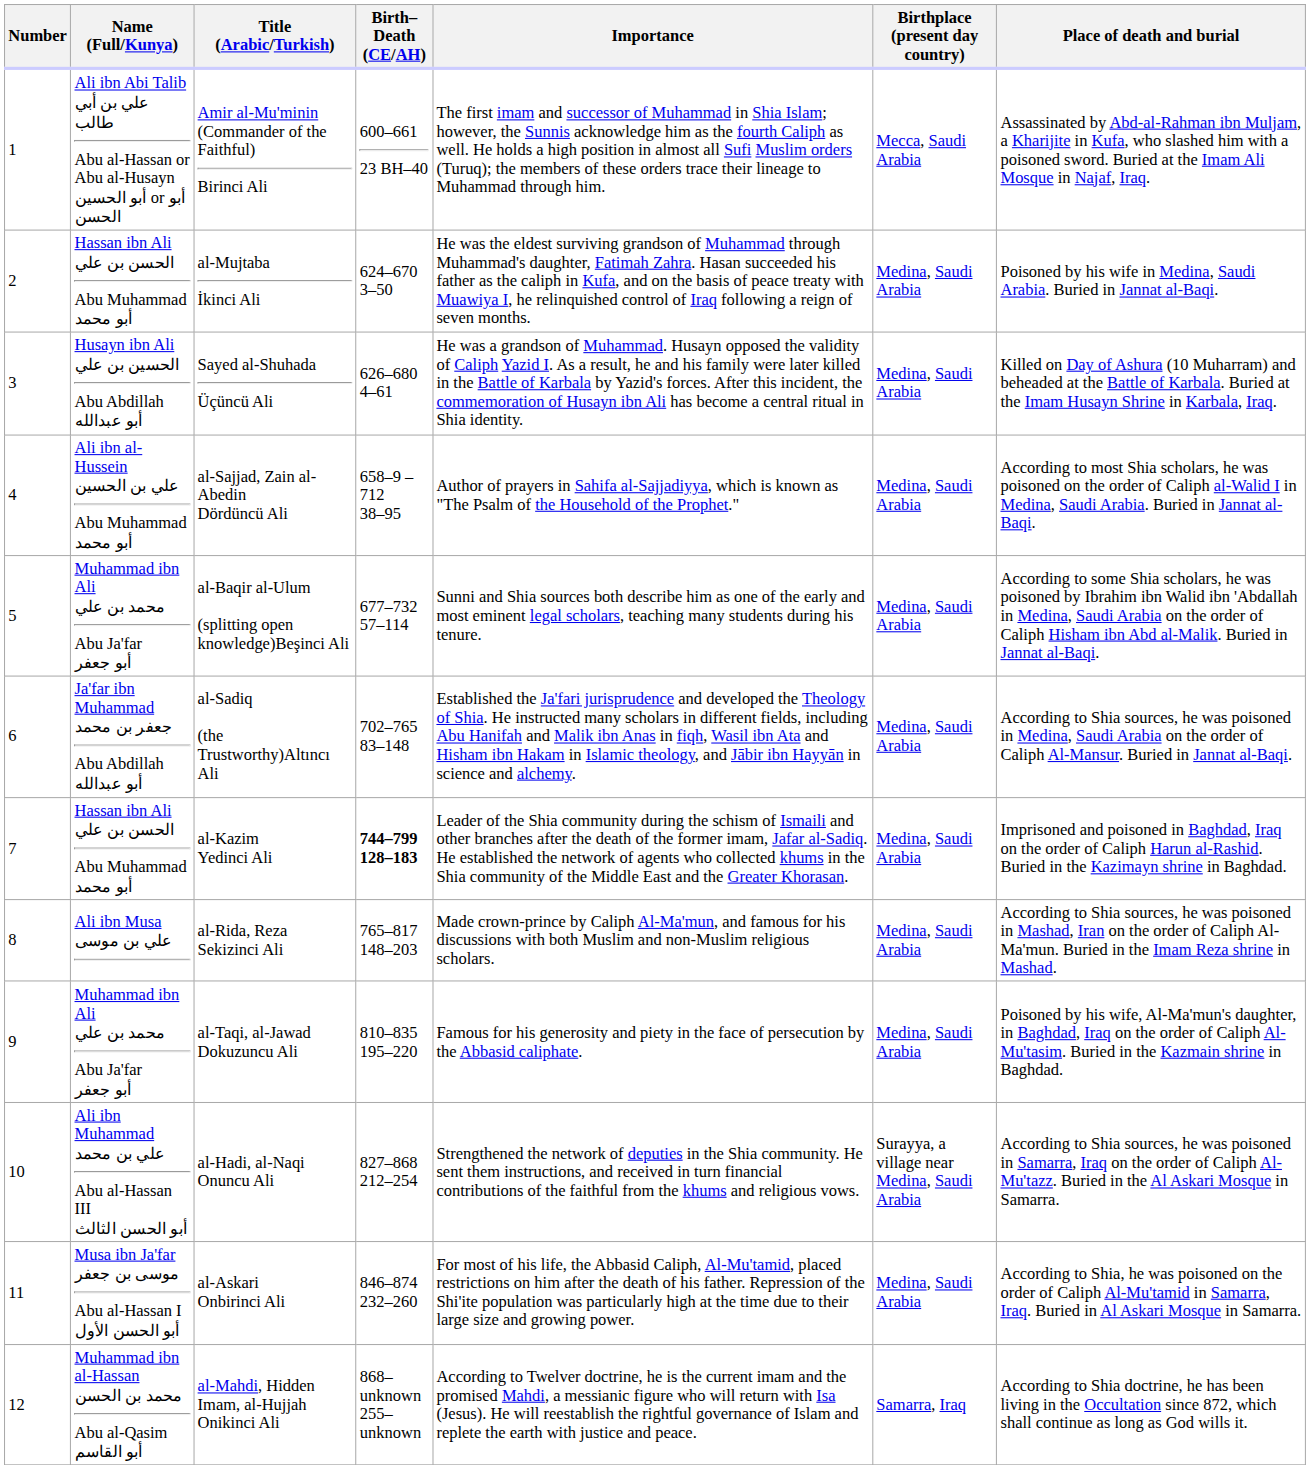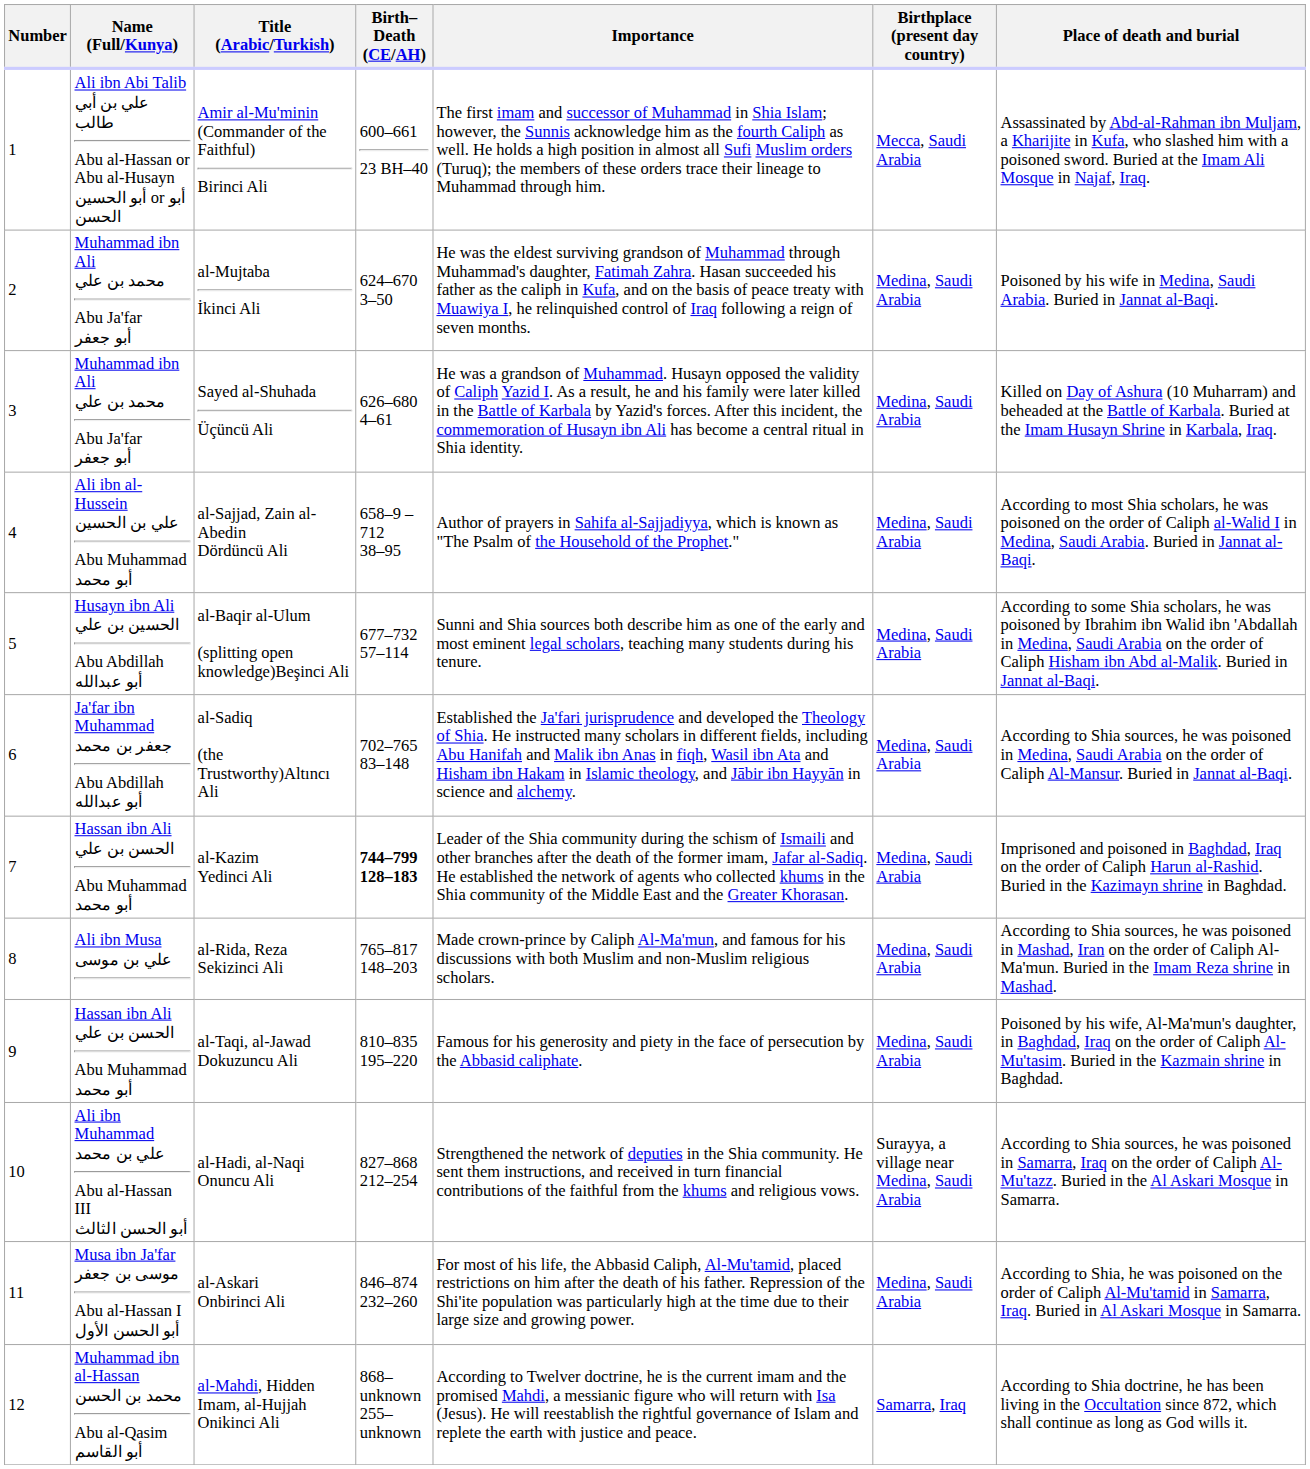 <table class="wikitable" width="100%" style="background:#ffffff;">
 <tr style="border-bottom:3px solid #CCCCFF">
 <th>Number</th>
 <th>Name<br>(Full/<a href='#'>Kunya</a>)</th>
 <th>Title<br>(<a href='#'>Arabic</a>/<a href='#'>Turkish</a>)</th>
 <th>Birth–Death<br>(<a href='#'>CE</a>/<a href='#'>AH</a>)</th>
 <th>Importance</th>
 <th>Birthplace (present day country)</th>
 <th>Place of death and burial</th>
 </tr>
 <tr>
 <td>1</td>
 <td><a href='#'>Ali ibn Abi Talib</a><br>علي بن أبي طالب<hr>Abu al-Hassan or Abu al-Husayn<br> أبو الحسین or أبو الحسن</td>
 <td><a href='#'>Amir al-Mu'minin</a><br>(Commander of the Faithful)<hr>Birinci Ali</td>
 <td>600–661<hr>23 BH–40</td>
 <td>The first <a href='#'>imam</a> and <a href='#'>successor of Muhammad</a> in <a href='#'>Shia Islam</a>; however, the <a href='#'>Sunnis</a> acknowledge him as the <a href='#'>fourth Caliph</a> as well. He holds a high position in almost all <a href='#'>Sufi</a> <a href='#'>Muslim orders</a> (Turuq); the members of these orders trace their lineage to Muhammad through him.</td>
 <td><a href='#'>Mecca</a>, <a href='#'>Saudi Arabia</a></td>
 <td>Assassinated by <a href='#'>Abd-al-Rahman ibn Muljam</a>, a <a href='#'>Kharijite</a> in <a href='#'>Kufa</a>, who slashed him with a poisoned sword. Buried at the <a href='#'>Imam Ali Mosque</a> in <a href='#'>Najaf</a>, <a href='#'>Iraq</a>.</td>
 </tr>
 <tr>
 <td>2</td>
-<td><a href='#'>Hassan ibn Ali</a><br>الحسن بن علي<hr>Abu Muhammad<br>أبو محمد</td>
+<td><a href='#'>Muhammad ibn Ali</a><br>محمد بن علي<hr>Abu Ja'far<br>أبو جعفر</td>
 <td>al-Mujtaba<hr>İkinci Ali</td>
 <td>624–670<br>3–50</td>
 <td>He was the eldest surviving grandson of <a href='#'>Muhammad</a> through Muhammad's daughter, <a href='#'>Fatimah Zahra</a>. Hasan succeeded his father as the caliph in <a href='#'>Kufa</a>, and on the basis of peace treaty with <a href='#'>Muawiya I</a>, he relinquished control of <a href='#'>Iraq</a> following a reign of seven months.</td>
 <td><a href='#'>Medina</a>, <a href='#'>Saudi Arabia</a></td>
 <td>Poisoned by his wife in <a href='#'>Medina</a>, <a href='#'>Saudi Arabia</a>. Buried in <a href='#'>Jannat al-Baqi</a>.</td>
 </tr>
 <tr>
 <td>3</td>
-<td><a href='#'>Husayn ibn Ali</a><br>الحسین بن علي<hr>Abu Abdillah<br>أبو عبدالله</td>
+<td><a href='#'>Muhammad ibn Ali</a><br>محمد بن علي<hr>Abu Ja'far<br>أبو جعفر</td>
 <td>Sayed al-Shuhada<hr>Üçüncü Ali</td>
 <td>626–680<br>4–61</td>
 <td>He was a grandson of <a href='#'>Muhammad</a>. Husayn opposed the validity of <a href='#'>Caliph</a> <a href='#'>Yazid I</a>. As a result, he and his family were later killed in the <a href='#'>Battle of Karbala</a> by Yazid's forces. After this incident, the <a href='#'>commemoration of Husayn ibn Ali</a> has become a central ritual in Shia identity.</td>
 <td><a href='#'>Medina</a>, <a href='#'>Saudi Arabia</a></td>
 <td>Killed on <a href='#'>Day of Ashura</a> (10 Muharram) and beheaded at the <a href='#'>Battle of Karbala</a>. Buried at the <a href='#'>Imam Husayn Shrine</a> in <a href='#'>Karbala</a>, <a href='#'>Iraq</a>.</td>
 </tr>
 <tr>
 <td>4</td>
 <td><a href='#'>Ali ibn al-Hussein</a><br>علي بن الحسین<hr>Abu Muhammad<br>أبو محمد</td>
 <td>al-Sajjad, Zain al-Abedin<br>Dördüncü Ali</td>
 <td>658–9 – 712<br>38–95</td>
 <td>Author of prayers in <a href='#'>Sahifa al-Sajjadiyya</a>, which is known as "The Psalm of <a href='#'>the Household of the Prophet</a>."</td>
 <td><a href='#'>Medina</a>, <a href='#'>Saudi Arabia</a></td>
 <td>According to most Shia scholars, he was poisoned on the order of Caliph <a href='#'>al-Walid I</a> in <a href='#'>Medina</a>, <a href='#'>Saudi Arabia</a>. Buried in <a href='#'>Jannat al-Baqi</a>.</td>
 </tr>
 <tr>
 <td>5</td>
-<td><a href='#'>Muhammad ibn Ali</a><br>محمد بن علي<hr>Abu Ja'far<br>أبو جعفر</td>
+<td><a href='#'>Husayn ibn Ali</a><br>الحسین بن علي<hr>Abu Abdillah<br>أبو عبدالله</td>
 <td>al-Baqir al-Ulum<br><br>(splitting open knowledge)Beşinci Ali</td>
 <td>677–732<br>57–114</td>
 <td>Sunni and Shia sources both describe him as one of the early and most eminent <a href='#'>legal scholars</a>, teaching many students during his tenure.</td>
 <td><a href='#'>Medina</a>, <a href='#'>Saudi Arabia</a></td>
 <td>According to some Shia scholars, he was poisoned by Ibrahim ibn Walid ibn 'Abdallah in <a href='#'>Medina</a>, <a href='#'>Saudi Arabia</a> on the order of Caliph <a href='#'>Hisham ibn Abd al-Malik</a>. Buried in <a href='#'>Jannat al-Baqi</a>.</td>
 </tr>
 <tr>
 <td>6</td>
 <td><a href='#'>Ja'far ibn Muhammad</a><br>جعفر بن محمد<hr>Abu Abdillah<br>أبو عبدالله</td>
 <td>al-Sadiq<br><br>(the Trustworthy)Altıncı Ali</td>
 <td>702–765<br>83–148</td>
 <td>Established the <a href='#'>Ja'fari jurisprudence</a> and developed the <a href='#'>Theology of Shia</a>. He instructed many scholars in different fields, including <a href='#'>Abu Hanifah</a> and <a href='#'>Malik ibn Anas</a> in <a href='#'>fiqh</a>, <a href='#'>Wasil ibn Ata</a> and <a href='#'>Hisham ibn Hakam</a> in <a href='#'>Islamic theology</a>, and <a href='#'>Jābir ibn Hayyān</a> in science and <a href='#'>alchemy</a>.</td>
 <td><a href='#'>Medina</a>, <a href='#'>Saudi Arabia</a></td>
 <td>According to Shia sources, he was poisoned in <a href='#'>Medina</a>, <a href='#'>Saudi Arabia</a> on the order of Caliph <a href='#'>Al-Mansur</a>. Buried in <a href='#'>Jannat al-Baqi</a>.</td>
 </tr>
 <tr>
 <td>7</td>
 <td><a href='#'>Hassan ibn Ali</a><br>الحسن بن علي<hr>Abu Muhammad<br>أبو محمد</td>
 <td>al-Kazim<br>Yedinci Ali</td>
 <td><strong>744–799<br>128–183</strong></td>
 <td>Leader of the Shia community during the schism of <a href='#'>Ismaili</a> and other branches after the death of the former imam, <a href='#'>Jafar al-Sadiq</a>. He established the network of agents who collected <a href='#'>khums</a> in the Shia community of the Middle East and the <a href='#'>Greater Khorasan</a>.</td>
 <td><a href='#'>Medina</a>, <a href='#'>Saudi Arabia</a></td>
 <td>Imprisoned and poisoned in <a href='#'>Baghdad</a>, <a href='#'>Iraq</a> on the order of Caliph <a href='#'>Harun al-Rashid</a>. Buried in the <a href='#'>Kazimayn shrine</a> in Baghdad.</td>
 </tr>
 <tr>
 <td>8</td>
 <td><a href='#'>Ali ibn Musa</a><br>علي بن موسی<hr></td>
 <td>al-Rida, Reza<br>Sekizinci Ali</td>
 <td>765–817<br>148–203</td>
 <td>Made crown-prince by Caliph <a href='#'>Al-Ma'mun</a>, and famous for his discussions with both Muslim and non-Muslim religious scholars.</td>
 <td><a href='#'>Medina</a>, <a href='#'>Saudi Arabia</a></td>
 <td>According to Shia sources, he was poisoned in <a href='#'>Mashad</a>, <a href='#'>Iran</a> on the order of Caliph Al-Ma'mun. Buried in the <a href='#'>Imam Reza shrine</a> in <a href='#'>Mashad</a>.</td>
 </tr>
 <tr>
 <td>9</td>
-<td><a href='#'>Muhammad ibn Ali</a><br>محمد بن علي<hr>Abu Ja'far<br>أبو جعفر</td>
+<td><a href='#'>Hassan ibn Ali</a><br>الحسن بن علي<hr>Abu Muhammad<br>أبو محمد</td>
 <td>al-Taqi, al-Jawad<br>Dokuzuncu Ali</td>
 <td>810–835<br>195–220</td>
 <td>Famous for his generosity and piety in the face of persecution by the <a href='#'>Abbasid caliphate</a>.</td>
 <td><a href='#'>Medina</a>, <a href='#'>Saudi Arabia</a></td>
 <td>Poisoned by his wife, Al-Ma'mun's daughter, in <a href='#'>Baghdad</a>, <a href='#'>Iraq</a> on the order of Caliph <a href='#'>Al-Mu'tasim</a>. Buried in the <a href='#'>Kazmain shrine</a> in Baghdad.</td>
 </tr>
 <tr>
 <td>10</td>
 <td><a href='#'>Ali ibn Muhammad</a><br>علي بن محمد<hr>Abu al-Hassan III<br>أبو الحسن الثالث</td>
 <td>al-Hadi, al-Naqi<br>Onuncu Ali</td>
 <td>827–868<br>212–254</td>
 <td>Strengthened the network of <a href='#'>deputies</a> in the Shia community. He sent them instructions, and received in turn financial contributions of the faithful from the <a href='#'>khums</a> and religious vows.</td>
 <td>Surayya, a village near <a href='#'>Medina</a>, <a href='#'>Saudi Arabia</a></td>
 <td>According to Shia sources, he was poisoned in <a href='#'>Samarra</a>, <a href='#'>Iraq</a> on the order of Caliph <a href='#'>Al-Mu'tazz</a>. Buried in the <a href='#'>Al Askari Mosque</a> in Samarra.</td>
 </tr>
 <tr>
 <td>11</td>
 <td><a href='#'>Musa ibn Ja'far</a><br>موسی بن جعفر<hr>Abu al-Hassan I<br>أبو الحسن الأول</td>
 <td>al-Askari<br>Onbirinci Ali</td>
 <td>846–874<br>232–260</td>
 <td>For most of his life, the Abbasid Caliph, <a href='#'>Al-Mu'tamid</a>, placed restrictions on him after the death of his father. Repression of the Shi'ite population was particularly high at the time due to their large size and growing power.</td>
 <td><a href='#'>Medina</a>, <a href='#'>Saudi Arabia</a></td>
 <td>According to Shia, he was poisoned on the order of Caliph <a href='#'>Al-Mu'tamid</a> in <a href='#'>Samarra</a>, <a href='#'>Iraq</a>. Buried in <a href='#'>Al Askari Mosque</a> in Samarra.</td>
 </tr>
 <tr>
 <td>12</td>
 <td><a href='#'>Muhammad ibn al-Hassan</a><br>محمد بن الحسن<hr>Abu al-Qasim<br>أبو القاسم</td>
 <td><a href='#'>al-Mahdi</a>, Hidden Imam,  al-Hujjah<br>Onikinci Ali</td>
 <td>868–unknown<br>255–unknown</td>
 <td>According to Twelver doctrine, he is the current imam and the promised <a href='#'>Mahdi</a>, a messianic figure who will return with <a href='#'>Isa</a> (Jesus). He will reestablish the rightful governance of Islam and replete the earth with justice and peace.</td>
 <td><a href='#'>Samarra</a>, <a href='#'>Iraq</a></td>
 <td>According to Shia doctrine, he has been living in the <a href='#'>Occultation</a> since 872, which shall continue as long as God wills it.</td>
 </tr>
 <tr>
 </tr>
 </table>
